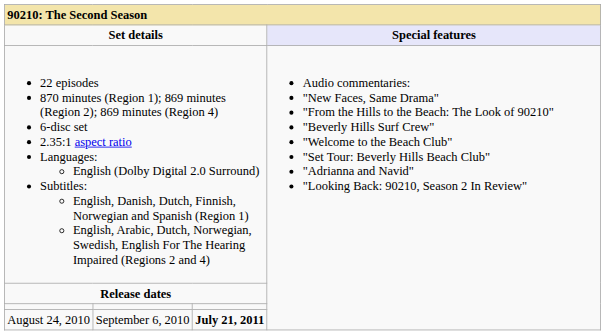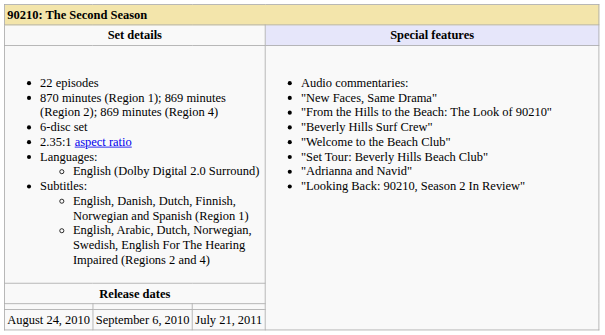 <table class="wikitable" style="font-size:95%;">
 <tr style="background:#F3E5AB">
 <td colspan="6"><strong>90210: The Second Season</strong></td>
 </tr>
 <tr>
 <td align="center" width="300" colspan="3"><strong>Set details</strong></td>
 <td width="400" align="center" style="background: lavender;"><strong>Special features</strong></td>
 </tr>
 <tr valign="top">
 <td colspan="3" align="left" width="300"><br><ul><li>22 episodes</li><li>870 minutes (Region 1); 869 minutes (Region 2); 869 minutes (Region 4)</li><li>6-disc set</li><li>2.35:1 <a href='#'>aspect ratio</a></li><li>Languages:<ul><li>English (Dolby Digital 2.0 Surround)</li></ul></li><li>Subtitles:<ul><li>English, Danish, Dutch, Finnish, Norwegian and Spanish (Region 1)</li><li>English, Arabic, Dutch, Norwegian, Swedish, English For The Hearing Impaired (Regions 2 and 4)</li></ul></li></ul></td>
 <td rowspan="4" align="left" width="400"><br><ul><li>Audio commentaries:</li><li>"New Faces, Same Drama"</li><li>"From the Hills to the Beach: The Look of 90210"</li><li>"Beverly Hills Surf Crew"</li><li>"Welcome to the Beach Club"</li><li>"Set Tour: Beverly Hills Beach Club"</li><li>"Adrianna and Navid"</li><li>"Looking Back: 90210, Season 2 In Review"</li></ul></td>
 </tr>
 <tr>
 <td colspan="3" align="center"><strong>Release dates</strong></td>
 </tr>
 <tr>
 <td align="center"></td>
 <td align="center"></td>
 <td align="center"></td>
 </tr>
 <tr>
 <td align="center">August 24, 2010</td>
 <td align="center">September 6, 2010</td>
-<td align="center"><strong>July 21, 2011</strong></td>
+<td align="center">July 21, 2011</td>
 </tr>
 </table>
